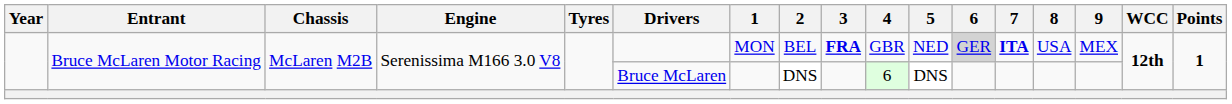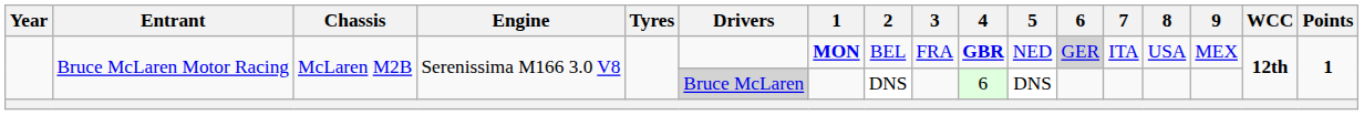 <table class="wikitable" style="text-align:center; font-size:85%">
 <tr>
 <th>Year</th>
 <th>Entrant</th>
 <th>Chassis</th>
 <th>Engine</th>
 <th>Tyres</th>
 <th>Drivers</th>
 <th>1</th>
 <th>2</th>
 <th>3</th>
 <th>4</th>
 <th>5</th>
 <th>6</th>
 <th>7</th>
 <th>8</th>
 <th>9</th>
 <th>WCC</th>
 <th>Points</th>
 </tr>
 <tr>
 <td rowspan="2"></td>
 <td rowspan="2"><a href='#'>Bruce McLaren Motor Racing</a></td>
 <td rowspan="2"><a href='#'>McLaren</a> <a href='#'>M2B</a></td>
 <td rowspan="2">Serenissima M166 3.0 <a href='#'>V8</a></td>
 <td rowspan="2"></td>
 <td></td>
-<td><a href='#'>MON</a></td>
+<td><strong><a href='#'>MON</a></strong></td>
 <td><a href='#'>BEL</a></td>
-<td><strong><a href='#'>FRA</a></strong></td>
-<td><a href='#'>GBR</a></td>
+<td><a href='#'>FRA</a></td>
+<td><strong><a href='#'>GBR</a></strong></td>
 <td><a href='#'>NED</a></td>
 <td style="background: lightgrey;"><a href='#'>GER</a></td>
-<td><strong><a href='#'>ITA</a></strong></td>
+<td><a href='#'>ITA</a></td>
 <td><a href='#'>USA</a></td>
 <td><a href='#'>MEX</a></td>
 <td rowspan="2"><strong>12th</strong></td>
 <td rowspan="2"><strong>1</strong></td>
 </tr>
 <tr>
-<td style="text-align:left"> <a href='#'>Bruce McLaren</a></td>
+<td style="background: lightgrey; text-align:left"> <a href='#'>Bruce McLaren</a></td>
 <td></td>
 <td style="background:#ffffff;">DNS</td>
 <td></td>
 <td style="background:#dfffdf;">6</td>
 <td style="background:#ffffff;">DNS</td>
 <td></td>
 <td></td>
 <td></td>
 <td></td>
 </tr>
 <tr>
 <th colspan="17"></th>
 </tr>
 </table>
